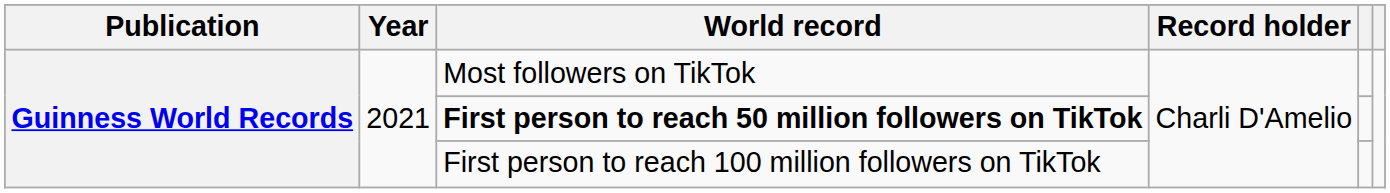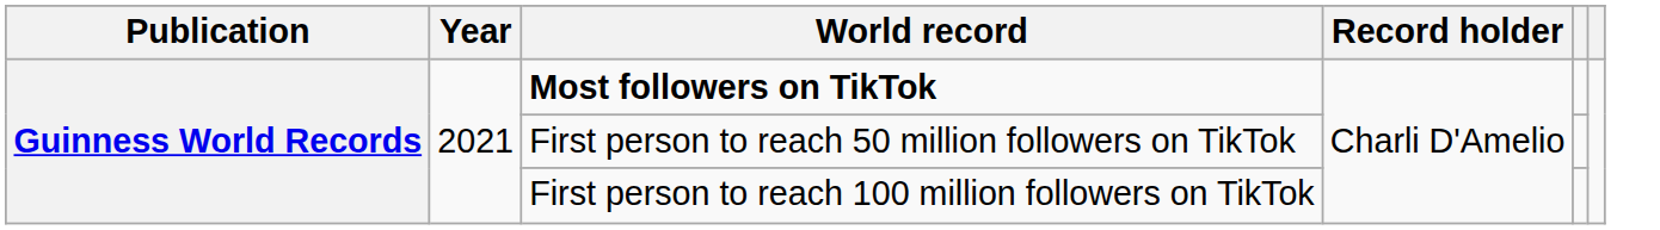 <table class="wikitable sortable plainrowheaders">
 <tr>
 <th scope="col">Publication</th>
 <th scope="col">Year</th>
 <th scope="col">World record</th>
 <th scope="col">Record holder</th>
 <th scope="col"></th>
 <th scope="col" class="unsortable"></th>
 </tr>
 <tr>
 <th rowspan="3" scope="row"><a href='#'>Guinness World Records</a></th>
 <td rowspan="3">2021</td>
-<td>Most followers on TikTok</td>
+<td><strong>Most followers on TikTok</strong></td>
 <td rowspan="3">Charli D'Amelio</td>
 <td></td>
 <td rowspan="3" style="text-align:center;"></td>
 </tr>
 <tr>
-<td><strong>First person to reach 50 million followers on TikTok</strong></td>
+<td>First person to reach 50 million followers on TikTok</td>
 <td></td>
 </tr>
 <tr>
 <td>First person to reach 100 million followers on TikTok</td>
 <td></td>
 </tr>
 </table>
